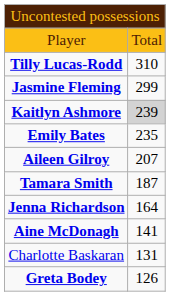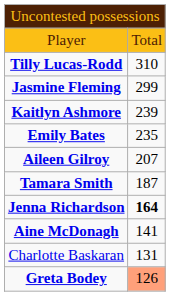 <table class="wikitable" style="text-align:center;">
 <tr>
 <td colspan="2" style="text-align:center; background: #4D2004; color: #FBBF15">Uncontested possessions</td>
 </tr>
 <tr>
 <td style="text-align:center; background: #FBBF15; color: #4D2004">Player</td>
 <td style="text-align:center; background: #FBBF15; color: #4D2004">Total</td>
 </tr>
 <tr>
 <td><strong><a href='#'>Tilly Lucas-Rodd</a></strong></td>
 <td>310</td>
 </tr>
 <tr>
 <td><strong><a href='#'>Jasmine Fleming</a></strong></td>
 <td>299</td>
 </tr>
 <tr>
 <td><strong><a href='#'>Kaitlyn Ashmore</a></strong></td>
-<td style="background: lightgrey;">239</td>
+<td>239</td>
 </tr>
 <tr>
 <td><strong><a href='#'>Emily Bates</a></strong></td>
 <td>235</td>
 </tr>
 <tr>
 <td><strong><a href='#'>Aileen Gilroy</a></strong></td>
 <td>207</td>
 </tr>
 <tr>
 <td><strong><a href='#'>Tamara Smith</a></strong></td>
 <td>187</td>
 </tr>
 <tr>
 <td><strong><a href='#'>Jenna Richardson</a></strong></td>
-<td>164</td>
+<td><strong>164</strong></td>
 </tr>
 <tr>
 <td><strong><a href='#'>Aine McDonagh</a></strong></td>
 <td>141</td>
 </tr>
 <tr>
 <td><a href='#'>Charlotte Baskaran</a></td>
 <td>131</td>
 </tr>
 <tr>
 <td><strong><a href='#'>Greta Bodey</a></strong></td>
-<td>126</td>
+<td style="background: lightsalmon;">126</td>
 </tr>
 </table>
